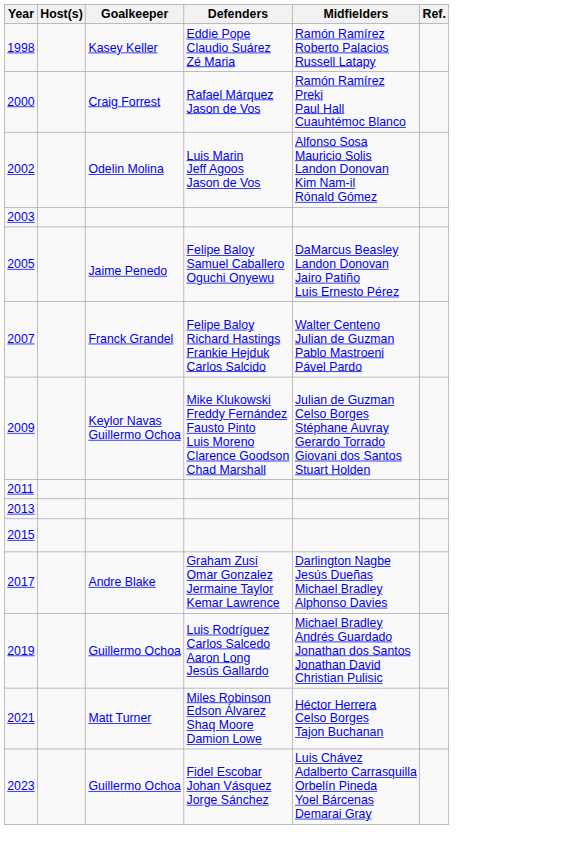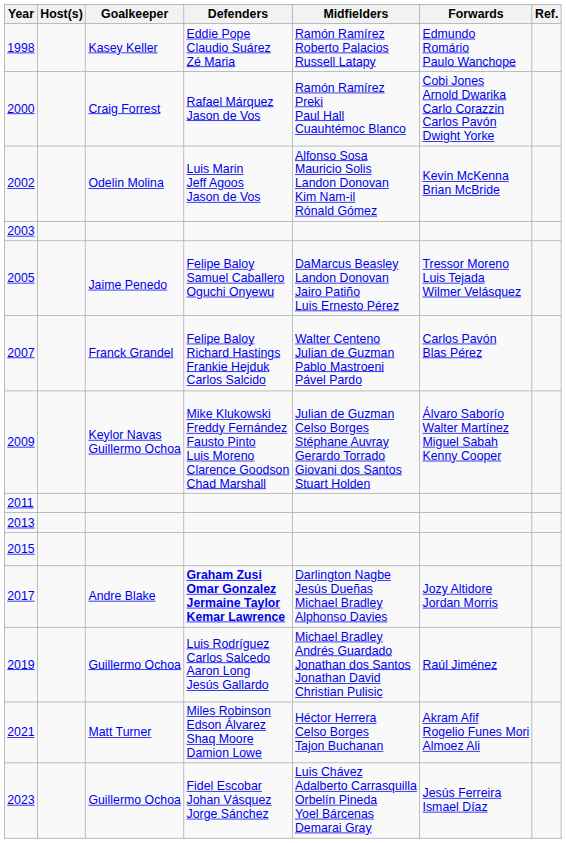 <table class="wikitable">
 <tr>
 <th>Year</th>
 <th>Host(s)</th>
 <th>Goalkeeper</th>
 <th>Defenders</th>
 <th>Midfielders</th>
+<th>Forwards</th>
 <th>Ref.</th>
 </tr>
 <tr>
 <td><a href='#'>1998</a></td>
 <td></td>
 <td> <a href='#'>Kasey Keller</a></td>
 <td> <a href='#'>Eddie Pope</a><br> <a href='#'>Claudio Suárez</a><br> <a href='#'>Zé Maria</a></td>
 <td> <a href='#'>Ramón Ramírez</a><br> <a href='#'>Roberto Palacios</a><br> <a href='#'>Russell Latapy</a></td>
+<td> <a href='#'>Edmundo</a><br> <a href='#'>Romário</a><br> <a href='#'>Paulo Wanchope</a></td>
 <td></td>
 </tr>
 <tr>
 <td><a href='#'>2000</a></td>
 <td></td>
 <td> <a href='#'>Craig Forrest</a></td>
 <td> <a href='#'>Rafael Márquez</a><br> <a href='#'>Jason de Vos</a></td>
 <td> <a href='#'>Ramón Ramírez</a><br> <a href='#'>Preki</a><br> <a href='#'>Paul Hall</a><br> <a href='#'>Cuauhtémoc Blanco</a></td>
+<td> <a href='#'>Cobi Jones</a><br> <a href='#'>Arnold Dwarika</a><br> <a href='#'>Carlo Corazzin</a><br> <a href='#'>Carlos Pavón</a><br> <a href='#'>Dwight Yorke</a></td>
 <td></td>
 </tr>
 <tr>
 <td><a href='#'>2002</a></td>
 <td></td>
 <td> <a href='#'>Odelin Molina</a></td>
 <td> <a href='#'>Luis Marin</a><br> <a href='#'>Jeff Agoos</a><br> <a href='#'>Jason de Vos</a></td>
 <td> <a href='#'>Alfonso Sosa</a><br> <a href='#'>Mauricio Solis</a><br> <a href='#'>Landon Donovan</a><br> <a href='#'>Kim Nam-il</a><br> <a href='#'>Rónald Gómez</a></td>
+<td> <a href='#'>Kevin McKenna</a><br> <a href='#'>Brian McBride</a></td>
 <td></td>
 </tr>
 <tr>
 <td><a href='#'>2003</a></td>
 <td><br></td>
+<td></td>
 <td></td>
 <td></td>
 <td></td>
 <td></td>
 </tr>
 <tr>
 <td><a href='#'>2005</a></td>
 <td></td>
 <td><br> <a href='#'>Jaime Penedo</a></td>
 <td align=left valign=top><br> <a href='#'>Felipe Baloy</a><br>  <a href='#'>Samuel Caballero</a><br>  <a href='#'>Oguchi Onyewu</a></td>
 <td align=left valign=top><br> <a href='#'>DaMarcus Beasley</a><br> <a href='#'>Landon Donovan</a><br> <a href='#'>Jairo Patiño</a><br> <a href='#'>Luis Ernesto Pérez</a></td>
+<td align=left valign=top><br> <a href='#'>Tressor Moreno</a><br> <a href='#'>Luis Tejada</a> <br> <a href='#'>Wilmer Velásquez</a></td>
 <td></td>
 </tr>
 <tr>
 <td><a href='#'>2007</a></td>
 <td></td>
 <td> <a href='#'>Franck Grandel</a></td>
 <td align=left valign=top><br> <a href='#'>Felipe Baloy</a><br>  <a href='#'>Richard Hastings</a><br> <a href='#'>Frankie Hejduk</a><br> <a href='#'>Carlos Salcido</a></td>
 <td align=left valign=top><br> <a href='#'>Walter Centeno</a><br> <a href='#'>Julian de Guzman</a><br> <a href='#'>Pablo Mastroeni</a><br> <a href='#'>Pável Pardo</a></td>
+<td align=left valign=top><br> <a href='#'>Carlos Pavón</a><br> <a href='#'>Blas Pérez</a></td>
 <td></td>
 </tr>
 <tr>
 <td><a href='#'>2009</a></td>
 <td></td>
 <td> <a href='#'>Keylor Navas</a><br> <a href='#'>Guillermo Ochoa</a></td>
 <td align=left valign=top><br> <a href='#'>Mike Klukowski</a><br> <a href='#'>Freddy Fernández</a><br> <a href='#'>Fausto Pinto</a><br> <a href='#'>Luis Moreno</a><br> <a href='#'>Clarence Goodson</a><br> <a href='#'>Chad Marshall</a></td>
 <td align=left valign=top><br> <a href='#'>Julian de Guzman</a><br> <a href='#'>Celso Borges</a><br> <a href='#'>Stéphane Auvray</a> <br> <a href='#'>Gerardo Torrado</a><br> <a href='#'>Giovani dos Santos</a><br> <a href='#'>Stuart Holden</a></td>
+<td align=left valign=top><br> <a href='#'>Álvaro Saborío</a><br> <a href='#'>Walter Martínez</a><br> <a href='#'>Miguel Sabah</a><br> <a href='#'>Kenny Cooper</a></td>
 <td></td>
 </tr>
 <tr>
 <td><a href='#'>2011</a></td>
+<td></td>
 <td></td>
 <td></td>
 <td></td>
 <td></td>
 <td></td>
 </tr>
 <tr>
 <td><a href='#'>2013</a></td>
 <td></td>
 <td></td>
 <td></td>
 <td></td>
 <td></td>
+<td></td>
 </tr>
 <tr>
 <td><a href='#'>2015</a></td>
 <td><br><br></td>
+<td></td>
 <td></td>
 <td></td>
 <td></td>
 <td></td>
 </tr>
 <tr>
 <td><a href='#'>2017</a></td>
 <td></td>
 <td> <a href='#'>Andre Blake</a></td>
-<td> <a href='#'>Graham Zusi</a><br> <a href='#'>Omar Gonzalez</a><br> <a href='#'>Jermaine Taylor</a><br> <a href='#'>Kemar Lawrence</a></td>
+<td><strong> <a href='#'>Graham Zusi</a><br> <a href='#'>Omar Gonzalez</a><br> <a href='#'>Jermaine Taylor</a><br> <a href='#'>Kemar Lawrence</a></strong></td>
 <td> <a href='#'>Darlington Nagbe</a><br> <a href='#'>Jesús Dueñas</a><br> <a href='#'>Michael Bradley</a><br> <a href='#'>Alphonso Davies</a></td>
+<td> <a href='#'>Jozy Altidore</a><br> <a href='#'>Jordan Morris</a></td>
 <td></td>
 </tr>
 <tr>
 <td><a href='#'>2019</a></td>
 <td><br><br></td>
 <td> <a href='#'>Guillermo Ochoa</a></td>
 <td> <a href='#'>Luis Rodríguez</a><br> <a href='#'>Carlos Salcedo</a><br> <a href='#'>Aaron Long</a><br> <a href='#'>Jesús Gallardo</a></td>
 <td> <a href='#'>Michael Bradley</a><br> <a href='#'>Andrés Guardado</a><br> <a href='#'>Jonathan dos Santos</a><br> <a href='#'>Jonathan David</a><br> <a href='#'>Christian Pulisic</a></td>
+<td> <a href='#'>Raúl Jiménez</a></td>
 <td></td>
 </tr>
 <tr>
 <td><a href='#'>2021</a></td>
 <td></td>
 <td> <a href='#'>Matt Turner</a></td>
 <td> <a href='#'>Miles Robinson</a><br> <a href='#'>Edson Álvarez</a><br> <a href='#'>Shaq Moore</a><br> <a href='#'>Damion Lowe</a></td>
 <td> <a href='#'>Héctor Herrera</a><br> <a href='#'>Celso Borges</a><br> <a href='#'>Tajon Buchanan</a></td>
+<td> <a href='#'>Akram Afif</a><br> <a href='#'>Rogelio Funes Mori</a><br> <a href='#'>Almoez Ali</a></td>
 <td></td>
 </tr>
 <tr>
 <td><a href='#'>2023</a></td>
 <td><br></td>
 <td> <a href='#'>Guillermo Ochoa</a></td>
 <td> <a href='#'>Fidel Escobar</a><br> <a href='#'>Johan Vásquez</a><br> <a href='#'>Jorge Sánchez</a></td>
 <td> <a href='#'>Luis Chávez</a><br> <a href='#'>Adalberto Carrasquilla</a><br> <a href='#'>Orbelín Pineda</a><br> <a href='#'>Yoel Bárcenas</a><br> <a href='#'>Demarai Gray</a></td>
+<td> <a href='#'>Jesús Ferreira</a><br> <a href='#'>Ismael Díaz</a></td>
 <td></td>
 </tr>
 </table>
